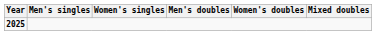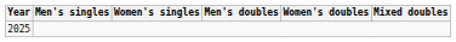 <table class=wikitable style="font-size:90%;">
 <tr>
 <th>Year</th>
 <th>Men's singles</th>
 <th>Women's singles</th>
 <th>Men's doubles</th>
 <th>Women's doubles</th>
 <th>Mixed doubles</th>
 </tr>
 <tr>
-<td><strong>2025</strong></td>
+<td>2025</td>
 </tr>
 </table>
